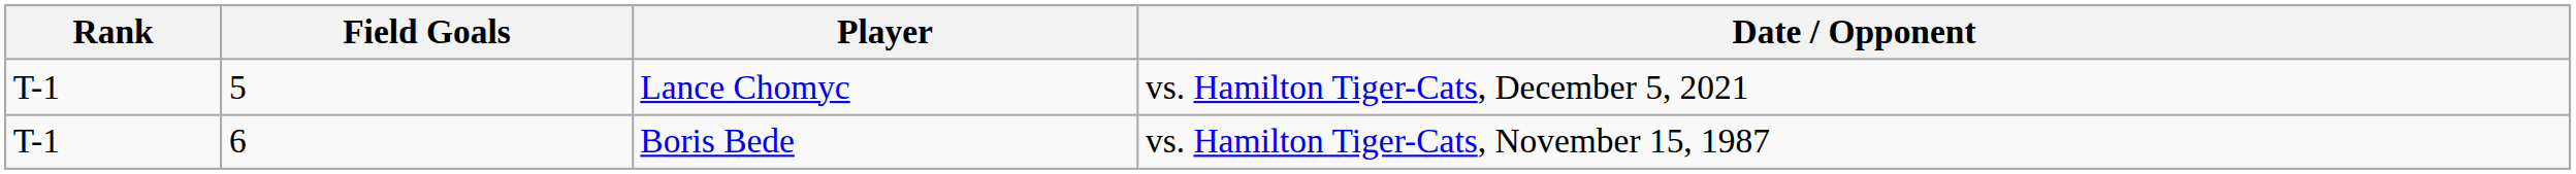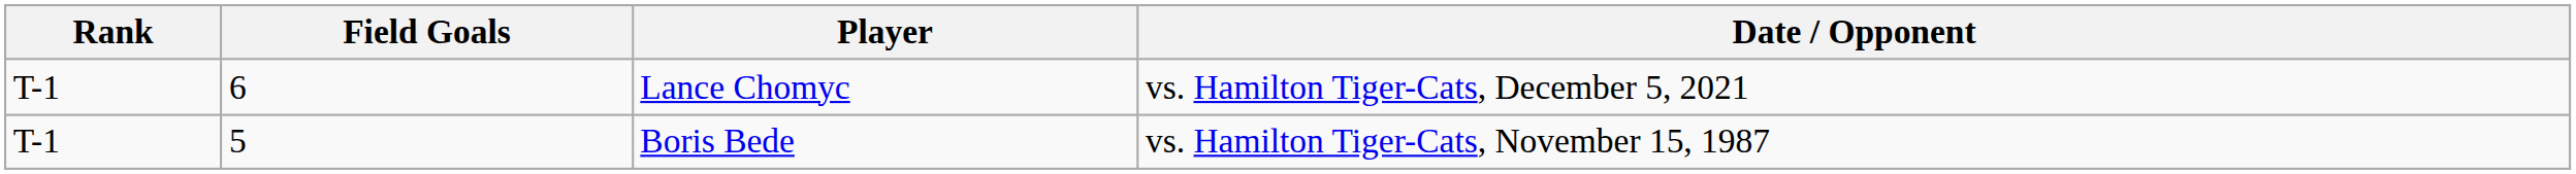 <table class="wikitable" style="width:60%;">
 <tr>
 <th>Rank</th>
 <th>Field Goals</th>
 <th>Player</th>
 <th>Date / Opponent</th>
 </tr>
 <tr>
 <td>T-1</td>
-<td>5</td>
+<td>6</td>
 <td><a href='#'>Lance Chomyc</a></td>
 <td>vs. <a href='#'>Hamilton Tiger-Cats</a>, December 5, 2021</td>
 </tr>
 <tr>
 <td>T-1</td>
-<td>6</td>
+<td>5</td>
 <td><a href='#'>Boris Bede</a></td>
 <td>vs. <a href='#'>Hamilton Tiger-Cats</a>, November 15, 1987</td>
 </tr>
 </table>
